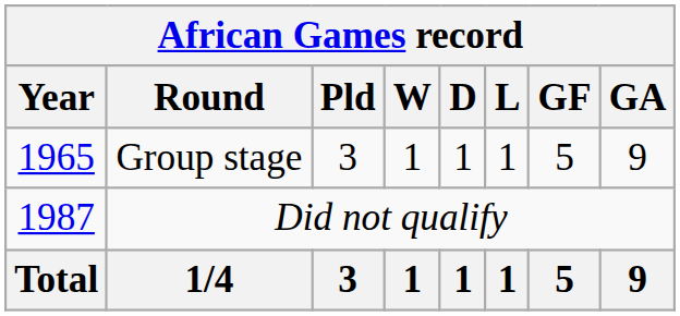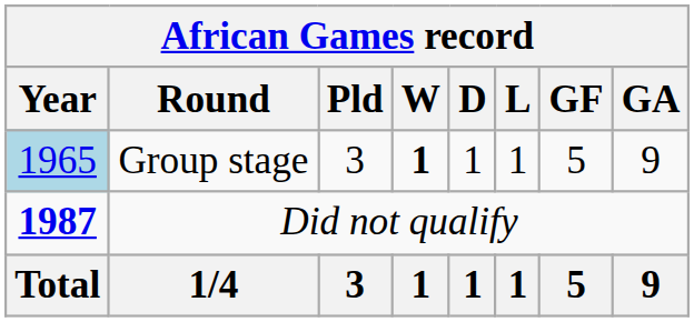 <table class="wikitable" style="text-align: center;">
 <tr>
 <th colspan=9><a href='#'>African Games</a> record</th>
 </tr>
 <tr>
 <th>Year</th>
 <th>Round</th>
 <th>Pld</th>
 <th>W</th>
 <th>D</th>
 <th>L</th>
 <th>GF</th>
 <th>GA</th>
 </tr>
 <tr>
-<td> <a href='#'>1965</a></td>
+<td style="background: lightblue;"> <a href='#'>1965</a></td>
 <td>Group stage</td>
 <td>3</td>
-<td>1</td>
+<td><strong>1</strong></td>
 <td>1</td>
 <td>1</td>
 <td>5</td>
 <td>9</td>
 </tr>
 <tr>
-<td> <a href='#'>1987</a></td>
+<td><strong> <a href='#'>1987</a></strong></td>
 <td colspan=7><em>Did not qualify</em></td>
 </tr>
 <tr>
 <th><strong>Total</strong></th>
 <th><strong>1/4</strong></th>
 <th><strong>3</strong></th>
 <th><strong>1</strong></th>
 <th><strong>1</strong></th>
 <th><strong>1</strong></th>
 <th><strong>5</strong></th>
 <th><strong>9</strong></th>
 </tr>
 </table>
